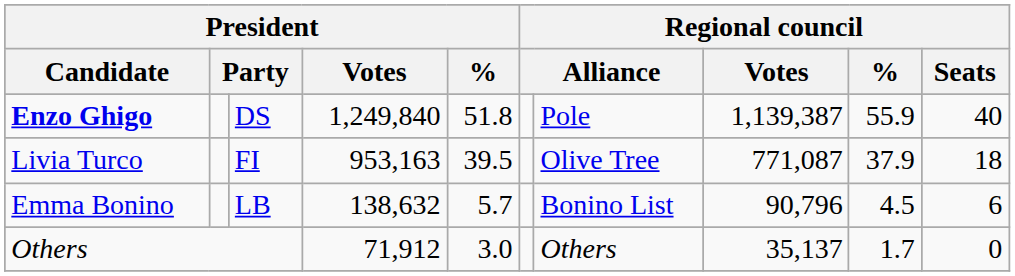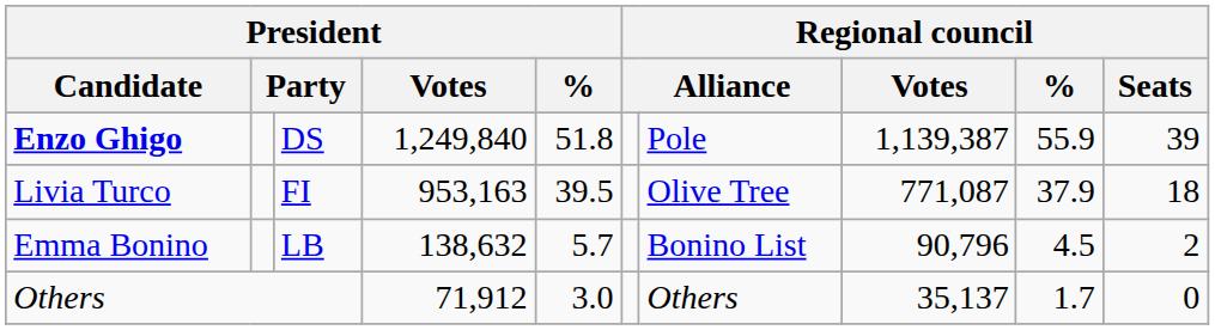 <table class="wikitable" style="text-align:right; style="width=65%">
 <tr>
 <th colspan="5">President</th>
 <th colspan="7">Regional council</th>
 </tr>
 <tr>
 <th>Candidate</th>
 <th colspan="2">Party</th>
 <th>Votes</th>
 <th>%</th>
 <th colspan="2">Alliance</th>
 <th>Votes</th>
 <th>%</th>
 <th>Seats</th>
 </tr>
 <tr>
 <td style="text-align:left"><strong><a href='#'>Enzo Ghigo</a></strong></td>
 <td></td>
 <td style="text-align:left"><a href='#'>DS</a></td>
 <td>1,249,840</td>
 <td>51.8</td>
 <td></td>
 <td style="text-align:left"><a href='#'>Pole</a></td>
 <td>1,139,387</td>
 <td>55.9</td>
-<td>40</td>
+<td>39</td>
 </tr>
 <tr>
 <td style="text-align:left"><a href='#'>Livia Turco</a></td>
 <td></td>
 <td style="text-align:left"><a href='#'>FI</a></td>
 <td>953,163</td>
 <td>39.5</td>
 <td></td>
 <td style="text-align:left"><a href='#'>Olive Tree</a></td>
 <td>771,087</td>
 <td>37.9</td>
 <td>18</td>
 </tr>
 <tr>
 <td style="text-align:left"><a href='#'>Emma Bonino</a></td>
 <td></td>
 <td style="text-align:left"><a href='#'>LB</a></td>
 <td>138,632</td>
 <td>5.7</td>
 <td></td>
 <td style="text-align:left"><a href='#'>Bonino List</a></td>
 <td>90,796</td>
 <td>4.5</td>
-<td>6</td>
+<td>2</td>
 </tr>
 <tr>
 <td colspan="3" style="text-align:left"><em>Others</em></td>
 <td>71,912</td>
 <td>3.0</td>
 <td></td>
 <td style="text-align:left"><em>Others</em></td>
 <td>35,137</td>
 <td>1.7</td>
 <td>0</td>
 </tr>
 </table>
